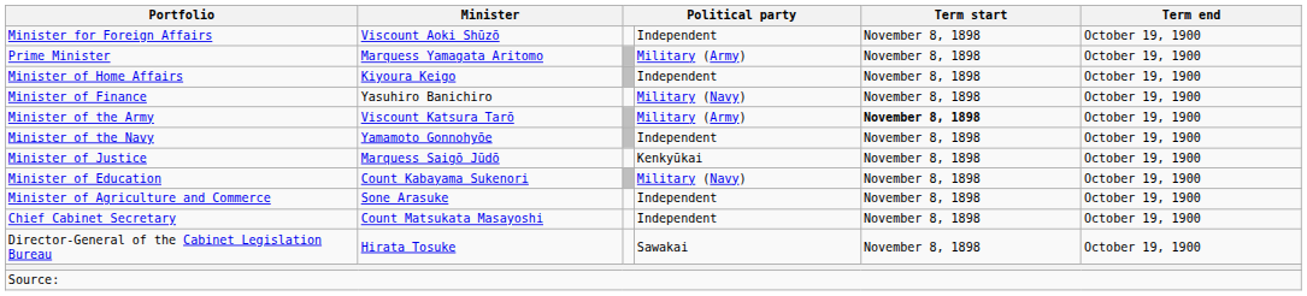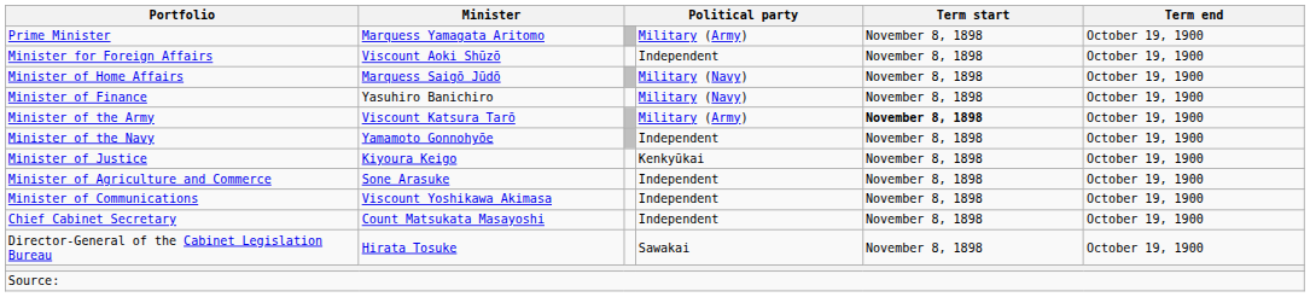 <table class="wikitable unsortable" style="font-size: 90%;">
 <tr>
 <th width="20%" scope="col">Portfolio</th>
 <th width="15%" scope="col">Minister</th>
 <th colspan="2" width="13.5%" scope="col">Political party</th>
 <th width="12.5%" scope="col">Term start</th>
 <th width="12.5%" scope="col">Term end</th>
+</tr>
+<tr>
+<td style="text-align: left;"><a href='#'>Prime Minister</a></td>
+<td><a href='#'>Marquess Yamagata Aritomo</a></td>
+<td style="color:inherit;background:#bfbfbf"></td>
+<td><a href='#'>Military</a> (<a href='#'>Army</a>)</td>
+<td>November 8, 1898</td>
+<td>October 19, 1900</td>
 </tr>
 <tr>
 <td><a href='#'>Minister for Foreign Affairs</a></td>
 <td><a href='#'>Viscount Aoki Shūzō</a></td>
 <td style="color:inherit;background:"></td>
 <td>Independent</td>
 <td>November 8, 1898</td>
 <td>October 19, 1900</td>
 </tr>
 <tr>
-<td style="text-align: left;"><a href='#'>Prime Minister</a></td>
-<td><a href='#'>Marquess Yamagata Aritomo</a></td>
+<td><a href='#'>Minister of Home Affairs</a></td>
+<td><a href='#'>Marquess Saigō Jūdō</a></td>
 <td style="color:inherit;background:#bfbfbf"></td>
-<td><a href='#'>Military</a> (<a href='#'>Army</a>)</td>
-<td>November 8, 1898</td>
-<td>October 19, 1900</td>
-</tr>
-<tr>
-<td><a href='#'>Minister of Home Affairs</a></td>
-<td><a href='#'>Kiyoura Keigo</a></td>
-<td style="color:inherit;background:#bfbfbf"></td>
-<td>Independent</td>
+<td><a href='#'>Military</a> (<a href='#'>Navy</a>)</td>
 <td>November 8, 1898</td>
 <td>October 19, 1900</td>
 </tr>
 <tr>
 <td><a href='#'>Minister of Finance</a></td>
 <td>Yasuhiro Banichiro</td>
 <td style="color:inherit;background:"></td>
 <td><a href='#'>Military</a> (<a href='#'>Navy</a>)</td>
 <td>November 8, 1898</td>
 <td>October 19, 1900</td>
 </tr>
 <tr>
 <td><a href='#'>Minister of the Army</a></td>
 <td><a href='#'>Viscount Katsura Tarō</a></td>
 <td style="color:inherit;background:#bfbfbf"></td>
 <td><a href='#'>Military</a> (<a href='#'>Army</a>)</td>
 <td><strong>November 8, 1898</strong></td>
 <td>October 19, 1900</td>
 </tr>
 <tr>
 <td><a href='#'>Minister of the Navy</a></td>
 <td><a href='#'>Yamamoto Gonnohyōe</a></td>
 <td style="color:inherit;background:#bfbfbf"></td>
 <td>Independent</td>
 <td>November 8, 1898</td>
 <td>October 19, 1900</td>
 </tr>
 <tr>
 <td><a href='#'>Minister of Justice</a></td>
-<td><a href='#'>Marquess Saigō Jūdō</a></td>
+<td><a href='#'>Kiyoura Keigo</a></td>
 <td></td>
 <td>Kenkyūkai</td>
 <td>November 8, 1898</td>
 <td>October 19, 1900</td>
 </tr>
 <tr>
-<td><a href='#'>Minister of Education</a></td>
-<td><a href='#'>Count Kabayama Sukenori</a></td>
-<td style="color:inherit;background:#bfbfbf"></td>
-<td><a href='#'>Military</a> (<a href='#'>Navy</a>)</td>
+<td><a href='#'>Minister of Agriculture and Commerce</a></td>
+<td><a href='#'>Sone Arasuke</a></td>
+<td style="color:inherit;background:"></td>
+<td>Independent</td>
 <td>November 8, 1898</td>
 <td>October 19, 1900</td>
 </tr>
 <tr>
-<td><a href='#'>Minister of Agriculture and Commerce</a></td>
-<td><a href='#'>Sone Arasuke</a></td>
+<td><a href='#'>Minister of Communications</a></td>
+<td><a href='#'>Viscount Yoshikawa Akimasa</a></td>
 <td style="color:inherit;background:"></td>
 <td>Independent</td>
 <td>November 8, 1898</td>
 <td>October 19, 1900</td>
 </tr>
 <tr>
 <td><a href='#'>Chief Cabinet Secretary</a></td>
 <td><a href='#'>Count Matsukata Masayoshi</a></td>
 <td style="color:inherit;background:"></td>
 <td>Independent</td>
 <td>November 8, 1898</td>
 <td>October 19, 1900</td>
 </tr>
 <tr>
 <td>Director-General of the <a href='#'>Cabinet Legislation Bureau</a></td>
 <td><a href='#'>Hirata Tosuke</a></td>
 <td></td>
 <td>Sawakai</td>
 <td>November 8, 1898</td>
 <td>October 19, 1900</td>
 </tr>
 <tr>
 <th colspan="6"></th>
 </tr>
 <tr>
 <td colspan="6">Source:</td>
 </tr>
 </table>
